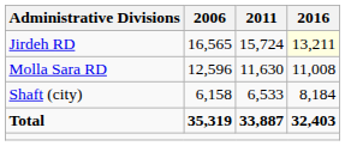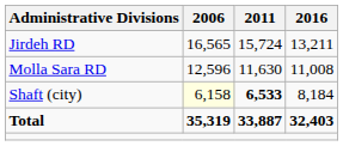 <table class="wikitable">
 <tr>
 <th>Administrative Divisions</th>
 <th>2006</th>
 <th>2011</th>
 <th>2016</th>
 </tr>
 <tr>
 <td><a href='#'>Jirdeh RD</a></td>
 <td style="text-align: right;">16,565</td>
 <td style="text-align: right;">15,724</td>
-<td style="background: lightyellow; text-align: right;">13,211</td>
+<td style="text-align: right;">13,211</td>
 </tr>
 <tr>
 <td><a href='#'>Molla Sara RD</a></td>
 <td style="text-align: right;">12,596</td>
 <td style="text-align: right;">11,630</td>
 <td style="text-align: right;">11,008</td>
 </tr>
 <tr>
 <td><a href='#'>Shaft</a> (city)</td>
-<td style="text-align: right;">6,158</td>
-<td style="text-align: right;">6,533</td>
+<td style="background: lightyellow; text-align: right;">6,158</td>
+<td style="text-align: right;"><strong>6,533</strong></td>
 <td style="text-align: right;">8,184</td>
 </tr>
 <tr>
 <td><strong>Total</strong></td>
 <td style="text-align: right;"><strong>35,319</strong></td>
 <td style="text-align: right;"><strong>33,887</strong></td>
 <td style="text-align: right;"><strong>32,403</strong></td>
 </tr>
 <tr>
 <td colspan=4></td>
 </tr>
 </table>
